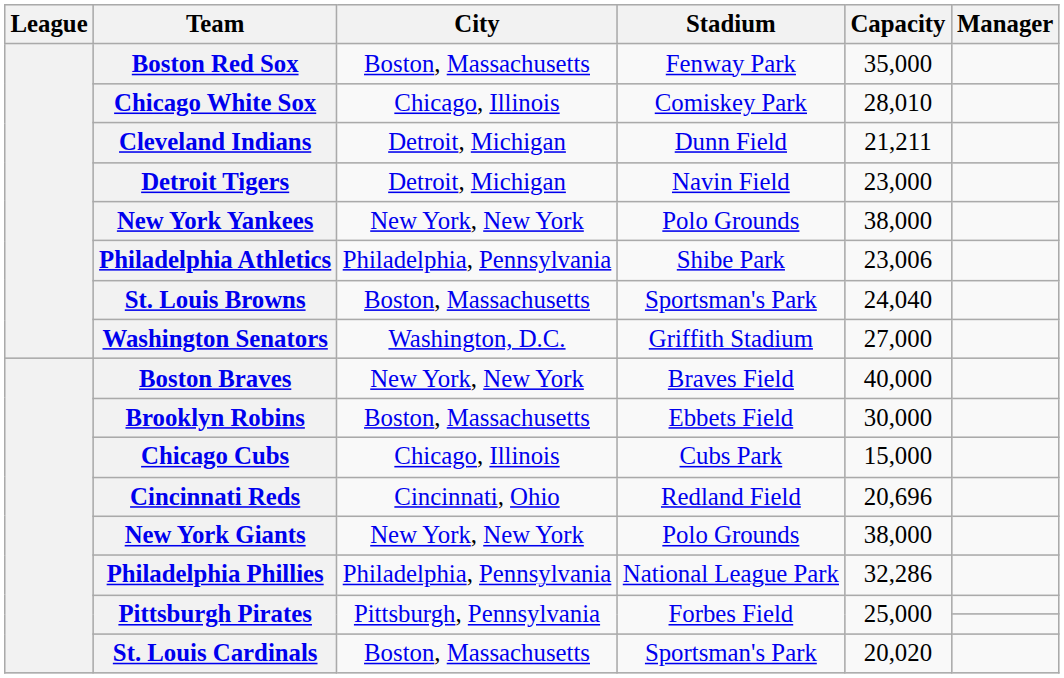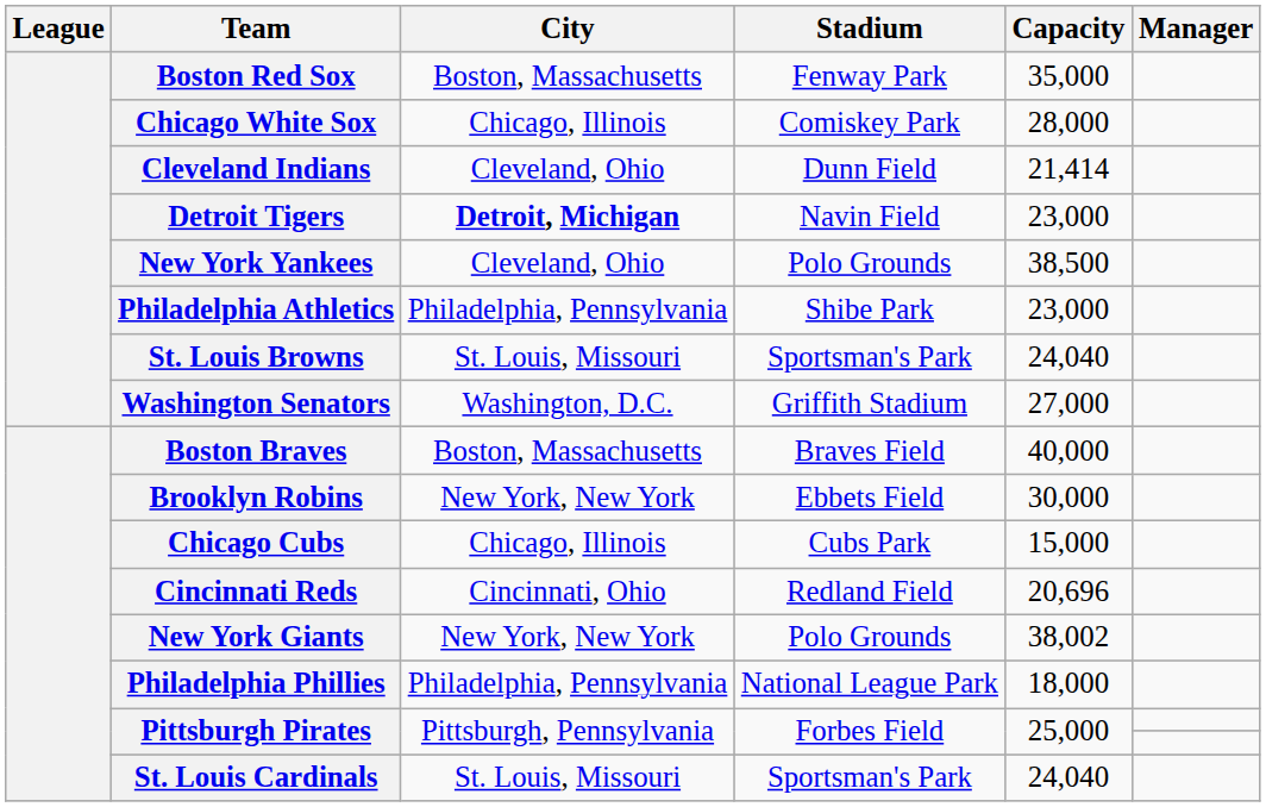 <table class="wikitable sortable plainrowheaders" style="text-align:center;">
 <tr>
 <th scope="col">League</th>
 <th scope="col">Team</th>
 <th scope="col">City</th>
 <th scope="col">Stadium</th>
 <th scope="col">Capacity</th>
 <th scope="col">Manager</th>
 </tr>
 <tr>
 <th rowspan="8"></th>
 <th scope="row"><a href='#'>Boston Red Sox</a></th>
 <td><a href='#'>Boston</a>, <a href='#'>Massachusetts</a></td>
 <td><a href='#'>Fenway Park</a></td>
 <td>35,000</td>
 <td></td>
 </tr>
 <tr>
 <th scope="row"><a href='#'>Chicago White Sox</a></th>
 <td><a href='#'>Chicago</a>, <a href='#'>Illinois</a></td>
 <td><a href='#'>Comiskey Park</a></td>
-<td>28,010</td>
+<td>28,000</td>
 <td></td>
 </tr>
 <tr>
 <th scope="row"><a href='#'>Cleveland Indians</a></th>
-<td><a href='#'>Detroit</a>, <a href='#'>Michigan</a></td>
+<td><a href='#'>Cleveland</a>, <a href='#'>Ohio</a></td>
 <td><a href='#'>Dunn Field</a></td>
-<td>21,211</td>
+<td>21,414</td>
 <td></td>
 </tr>
 <tr>
 <th scope="row"><a href='#'>Detroit Tigers</a></th>
-<td><a href='#'>Detroit</a>, <a href='#'>Michigan</a></td>
+<td><strong><a href='#'>Detroit</a>, <a href='#'>Michigan</a></strong></td>
 <td><a href='#'>Navin Field</a></td>
 <td>23,000</td>
 <td></td>
 </tr>
 <tr>
 <th scope="row"><a href='#'>New York Yankees</a></th>
-<td><a href='#'>New York</a>, <a href='#'>New York</a></td>
+<td><a href='#'>Cleveland</a>, <a href='#'>Ohio</a></td>
 <td><a href='#'>Polo Grounds</a></td>
-<td>38,000</td>
+<td>38,500</td>
 <td></td>
 </tr>
 <tr>
 <th scope="row"><a href='#'>Philadelphia Athletics</a></th>
 <td><a href='#'>Philadelphia</a>, <a href='#'>Pennsylvania</a></td>
 <td><a href='#'>Shibe Park</a></td>
-<td>23,006</td>
+<td>23,000</td>
 <td></td>
 </tr>
 <tr>
 <th scope="row"><a href='#'>St. Louis Browns</a></th>
-<td><a href='#'>Boston</a>, <a href='#'>Massachusetts</a></td>
+<td><a href='#'>St. Louis</a>, <a href='#'>Missouri</a></td>
 <td><a href='#'>Sportsman's Park</a></td>
 <td>24,040</td>
 <td></td>
 </tr>
 <tr>
 <th scope="row"><a href='#'>Washington Senators</a></th>
 <td><a href='#'>Washington, D.C.</a></td>
 <td><a href='#'>Griffith Stadium</a></td>
 <td>27,000</td>
 <td></td>
 </tr>
 <tr>
 <th rowspan="9"></th>
 <th scope="row"><a href='#'>Boston Braves</a></th>
-<td><a href='#'>New York</a>, <a href='#'>New York</a></td>
+<td><a href='#'>Boston</a>, <a href='#'>Massachusetts</a></td>
 <td><a href='#'>Braves Field</a></td>
 <td>40,000</td>
 <td></td>
 </tr>
 <tr>
 <th scope="row"><a href='#'>Brooklyn Robins</a></th>
-<td><a href='#'>Boston</a>, <a href='#'>Massachusetts</a></td>
+<td><a href='#'>New York</a>, <a href='#'>New York</a></td>
 <td><a href='#'>Ebbets Field</a></td>
 <td>30,000</td>
 <td></td>
 </tr>
 <tr>
 <th scope="row"><a href='#'>Chicago Cubs</a></th>
 <td><a href='#'>Chicago</a>, <a href='#'>Illinois</a></td>
 <td><a href='#'>Cubs Park</a></td>
 <td>15,000</td>
 <td></td>
 </tr>
 <tr>
 <th scope="row"><a href='#'>Cincinnati Reds</a></th>
 <td><a href='#'>Cincinnati</a>, <a href='#'>Ohio</a></td>
 <td><a href='#'>Redland Field</a></td>
 <td>20,696</td>
 <td></td>
 </tr>
 <tr>
 <th scope="row"><a href='#'>New York Giants</a></th>
 <td><a href='#'>New York</a>, <a href='#'>New York</a></td>
 <td><a href='#'>Polo Grounds</a></td>
-<td>38,000</td>
+<td>38,002</td>
 <td></td>
 </tr>
 <tr>
 <th scope="row"><a href='#'>Philadelphia Phillies</a></th>
 <td><a href='#'>Philadelphia</a>, <a href='#'>Pennsylvania</a></td>
 <td><a href='#'>National League Park</a></td>
-<td>32,286</td>
+<td>18,000</td>
 <td></td>
 </tr>
 <tr>
 <th rowspan="2" scope="row"><a href='#'>Pittsburgh Pirates</a></th>
 <td rowspan="2"><a href='#'>Pittsburgh</a>, <a href='#'>Pennsylvania</a></td>
 <td rowspan="2"><a href='#'>Forbes Field</a></td>
 <td rowspan="2">25,000</td>
 <td></td>
 </tr>
 <tr>
 <td></td>
 </tr>
 <tr>
 <th scope="row"><a href='#'>St. Louis Cardinals</a></th>
-<td><a href='#'>Boston</a>, <a href='#'>Massachusetts</a></td>
+<td><a href='#'>St. Louis</a>, <a href='#'>Missouri</a></td>
 <td><a href='#'>Sportsman's Park</a></td>
-<td>20,020</td>
+<td>24,040</td>
 <td></td>
 </tr>
 </table>
